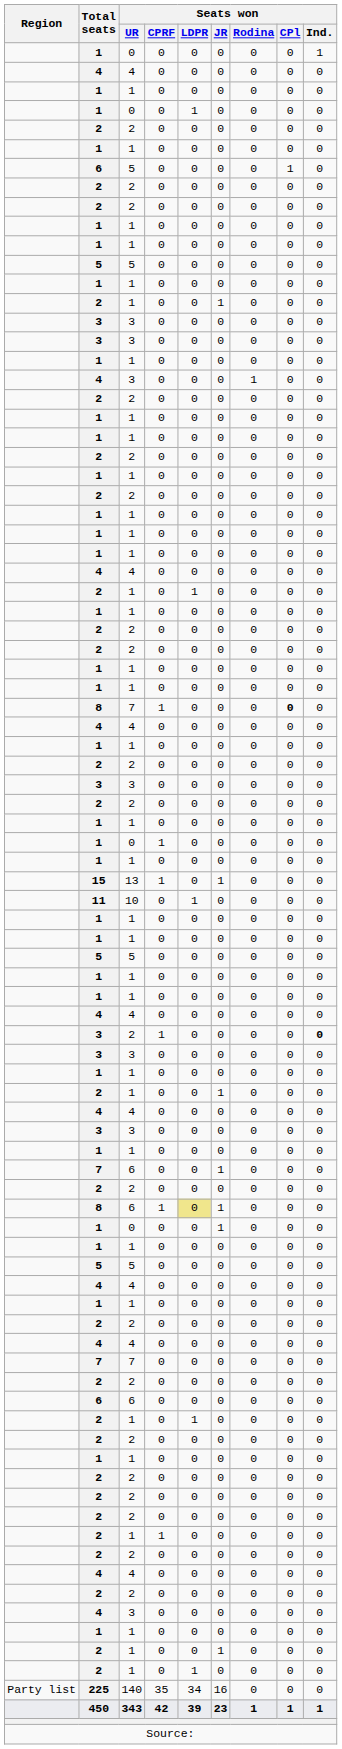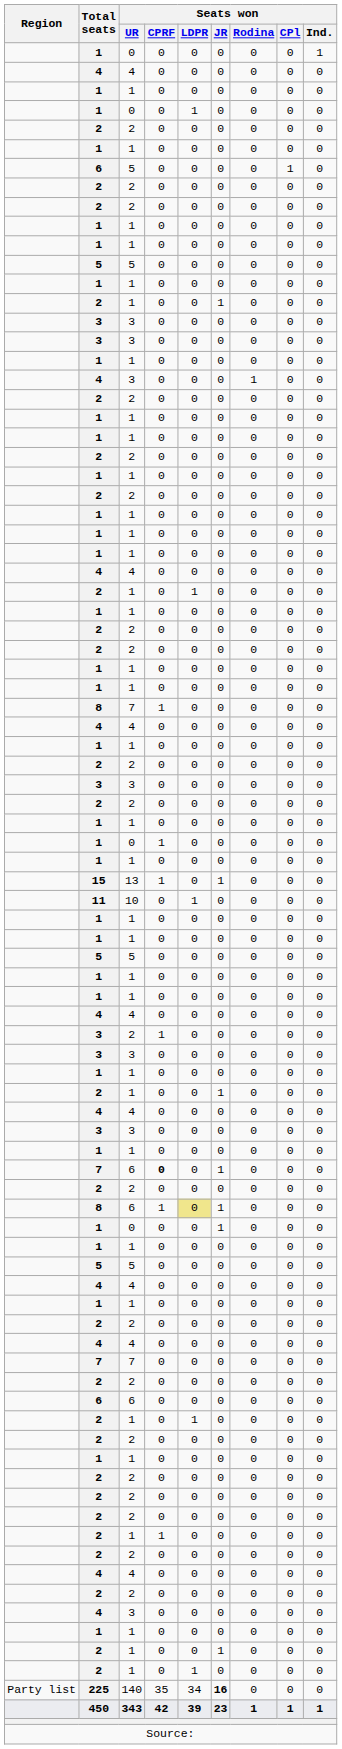 <table class="wikitable" style="text-align:center; font-size: 0.9em;">
 <tr>
 <th rowspan="2">Region</th>
 <th rowspan="2">Total<br>seats</th>
 <th colspan="7">Seats won</th>
 </tr>
 <tr>
 <th><a href='#'>UR</a></th>
 <th><a href='#'>CPRF</a></th>
 <th><a href='#'>LDPR</a></th>
 <th><a href='#'>JR</a></th>
 <th><a href='#'>Rodina</a></th>
 <th><a href='#'>CPl</a></th>
 <th>Ind.</th>
 </tr>
 <tr align="center">
 <td align="left"></td>
 <th>1</th>
 <td>0</td>
 <td>0</td>
 <td>0</td>
 <td>0</td>
 <td>0</td>
 <td>0</td>
 <td>1</td>
 </tr>
 <tr align="center">
 <td align="left"></td>
 <th>4</th>
 <td>4</td>
 <td>0</td>
 <td>0</td>
 <td>0</td>
 <td>0</td>
 <td>0</td>
 <td>0</td>
 </tr>
 <tr align="center">
 <td align="left"></td>
 <th>1</th>
 <td>1</td>
 <td>0</td>
 <td>0</td>
 <td>0</td>
 <td>0</td>
 <td>0</td>
 <td>0</td>
 </tr>
 <tr align="center">
 <td align="left"></td>
 <th>1</th>
 <td>0</td>
 <td>0</td>
 <td>1</td>
 <td>0</td>
 <td>0</td>
 <td>0</td>
 <td>0</td>
 </tr>
 <tr align="center">
 <td align="left"></td>
 <th>2</th>
 <td>2</td>
 <td>0</td>
 <td>0</td>
 <td>0</td>
 <td>0</td>
 <td>0</td>
 <td>0</td>
 </tr>
 <tr align="center">
 <td align="left"></td>
 <th>1</th>
 <td>1</td>
 <td>0</td>
 <td>0</td>
 <td>0</td>
 <td>0</td>
 <td>0</td>
 <td>0</td>
 </tr>
 <tr align="center">
 <td align="left"></td>
 <th>6</th>
 <td>5</td>
 <td>0</td>
 <td>0</td>
 <td>0</td>
 <td>0</td>
 <td>1</td>
 <td>0</td>
 </tr>
 <tr align="center">
 <td align="left"></td>
 <th>2</th>
 <td>2</td>
 <td>0</td>
 <td>0</td>
 <td>0</td>
 <td>0</td>
 <td>0</td>
 <td>0</td>
 </tr>
 <tr align="center">
 <td align="left"></td>
 <th>2</th>
 <td>2</td>
 <td>0</td>
 <td>0</td>
 <td>0</td>
 <td>0</td>
 <td>0</td>
 <td>0</td>
 </tr>
 <tr align="center">
 <td align="left"></td>
 <th>1</th>
 <td>1</td>
 <td>0</td>
 <td>0</td>
 <td>0</td>
 <td>0</td>
 <td>0</td>
 <td>0</td>
 </tr>
 <tr align="center">
 <td align="left"></td>
 <th>1</th>
 <td>1</td>
 <td>0</td>
 <td>0</td>
 <td>0</td>
 <td>0</td>
 <td>0</td>
 <td>0</td>
 </tr>
 <tr align="center">
 <td align="left"></td>
 <th>5</th>
 <td>5</td>
 <td>0</td>
 <td>0</td>
 <td>0</td>
 <td>0</td>
 <td>0</td>
 <td>0</td>
 </tr>
 <tr align="center">
 <td align="left"></td>
 <th>1</th>
 <td>1</td>
 <td>0</td>
 <td>0</td>
 <td>0</td>
 <td>0</td>
 <td>0</td>
 <td>0</td>
 </tr>
 <tr align="center">
 <td align="left"></td>
 <th>2</th>
 <td>1</td>
 <td>0</td>
 <td>0</td>
 <td>1</td>
 <td>0</td>
 <td>0</td>
 <td>0</td>
 </tr>
 <tr align="center">
 <td align="left"></td>
 <th>3</th>
 <td>3</td>
 <td>0</td>
 <td>0</td>
 <td>0</td>
 <td>0</td>
 <td>0</td>
 <td>0</td>
 </tr>
 <tr align="center">
 <td align="left"></td>
 <th>3</th>
 <td>3</td>
 <td>0</td>
 <td>0</td>
 <td>0</td>
 <td>0</td>
 <td>0</td>
 <td>0</td>
 </tr>
 <tr align="center">
 <td align="left"></td>
 <th>1</th>
 <td>1</td>
 <td>0</td>
 <td>0</td>
 <td>0</td>
 <td>0</td>
 <td>0</td>
 <td>0</td>
 </tr>
 <tr align="center">
 <td align="left"></td>
 <th>4</th>
 <td>3</td>
 <td>0</td>
 <td>0</td>
 <td>0</td>
 <td>1</td>
 <td>0</td>
 <td>0</td>
 </tr>
 <tr align="center">
 <td align="left"></td>
 <th>2</th>
 <td>2</td>
 <td>0</td>
 <td>0</td>
 <td>0</td>
 <td>0</td>
 <td>0</td>
 <td>0</td>
 </tr>
 <tr align="center">
 <td align="left"></td>
 <th>1</th>
 <td>1</td>
 <td>0</td>
 <td>0</td>
 <td>0</td>
 <td>0</td>
 <td>0</td>
 <td>0</td>
 </tr>
 <tr align="center">
 <td align="left"></td>
 <th>1</th>
 <td>1</td>
 <td>0</td>
 <td>0</td>
 <td>0</td>
 <td>0</td>
 <td>0</td>
 <td>0</td>
 </tr>
 <tr align="center">
 <td align="left"></td>
 <th>2</th>
 <td>2</td>
 <td>0</td>
 <td>0</td>
 <td>0</td>
 <td>0</td>
 <td>0</td>
 <td>0</td>
 </tr>
 <tr align="center">
 <td align="left"></td>
 <th>1</th>
 <td>1</td>
 <td>0</td>
 <td>0</td>
 <td>0</td>
 <td>0</td>
 <td>0</td>
 <td>0</td>
 </tr>
 <tr align="center">
 <td align="left"></td>
 <th>2</th>
 <td>2</td>
 <td>0</td>
 <td>0</td>
 <td>0</td>
 <td>0</td>
 <td>0</td>
 <td>0</td>
 </tr>
 <tr align="center">
 <td align="left"></td>
 <th>1</th>
 <td>1</td>
 <td>0</td>
 <td>0</td>
 <td>0</td>
 <td>0</td>
 <td>0</td>
 <td>0</td>
 </tr>
 <tr align="center">
 <td align="left"></td>
 <th>1</th>
 <td>1</td>
 <td>0</td>
 <td>0</td>
 <td>0</td>
 <td>0</td>
 <td>0</td>
 <td>0</td>
 </tr>
 <tr align="center">
 <td align="left"></td>
 <th>1</th>
 <td>1</td>
 <td>0</td>
 <td>0</td>
 <td>0</td>
 <td>0</td>
 <td>0</td>
 <td>0</td>
 </tr>
 <tr align="center">
 <td align="left"></td>
 <th>4</th>
 <td>4</td>
 <td>0</td>
 <td>0</td>
 <td>0</td>
 <td>0</td>
 <td>0</td>
 <td>0</td>
 </tr>
 <tr align="center">
 <td align="left"></td>
 <th>2</th>
 <td>1</td>
 <td>0</td>
 <td>1</td>
 <td>0</td>
 <td>0</td>
 <td>0</td>
 <td>0</td>
 </tr>
 <tr align="center">
 <td align="left"></td>
 <th>1</th>
 <td>1</td>
 <td>0</td>
 <td>0</td>
 <td>0</td>
 <td>0</td>
 <td>0</td>
 <td>0</td>
 </tr>
 <tr align="center">
 <td align="left"></td>
 <th>2</th>
 <td>2</td>
 <td>0</td>
 <td>0</td>
 <td>0</td>
 <td>0</td>
 <td>0</td>
 <td>0</td>
 </tr>
 <tr align="center">
 <td align="left"></td>
 <th>2</th>
 <td>2</td>
 <td>0</td>
 <td>0</td>
 <td>0</td>
 <td>0</td>
 <td>0</td>
 <td>0</td>
 </tr>
 <tr align="center">
 <td align="left"></td>
 <th>1</th>
 <td>1</td>
 <td>0</td>
 <td>0</td>
 <td>0</td>
 <td>0</td>
 <td>0</td>
 <td>0</td>
 </tr>
 <tr align="center">
 <td align="left"></td>
 <th>1</th>
 <td>1</td>
 <td>0</td>
 <td>0</td>
 <td>0</td>
 <td>0</td>
 <td>0</td>
 <td>0</td>
 </tr>
 <tr align="center">
 <td align="left"></td>
 <th>8</th>
 <td>7</td>
 <td>1</td>
 <td>0</td>
 <td>0</td>
 <td>0</td>
-<td><strong>0</strong></td>
+<td>0</td>
 <td>0</td>
 </tr>
 <tr align="center">
 <td align="left"></td>
 <th>4</th>
 <td>4</td>
 <td>0</td>
 <td>0</td>
 <td>0</td>
 <td>0</td>
 <td>0</td>
 <td>0</td>
 </tr>
 <tr align="center">
 <td align="left"></td>
 <th>1</th>
 <td>1</td>
 <td>0</td>
 <td>0</td>
 <td>0</td>
 <td>0</td>
 <td>0</td>
 <td>0</td>
 </tr>
 <tr align="center">
 <td align="left"></td>
 <th>2</th>
 <td>2</td>
 <td>0</td>
 <td>0</td>
 <td>0</td>
 <td>0</td>
 <td>0</td>
 <td>0</td>
 </tr>
 <tr align="center">
 <td align="left"></td>
 <th>3</th>
 <td>3</td>
 <td>0</td>
 <td>0</td>
 <td>0</td>
 <td>0</td>
 <td>0</td>
 <td>0</td>
 </tr>
 <tr align="center">
 <td align="left"></td>
 <th>2</th>
 <td>2</td>
 <td>0</td>
 <td>0</td>
 <td>0</td>
 <td>0</td>
 <td>0</td>
 <td>0</td>
 </tr>
 <tr align="center">
 <td align="left"></td>
 <th>1</th>
 <td>1</td>
 <td>0</td>
 <td>0</td>
 <td>0</td>
 <td>0</td>
 <td>0</td>
 <td>0</td>
 </tr>
 <tr align="center">
 <td align="left"></td>
 <th>1</th>
 <td>0</td>
 <td>1</td>
 <td>0</td>
 <td>0</td>
 <td>0</td>
 <td>0</td>
 <td>0</td>
 </tr>
 <tr align="center">
 <td align="left"></td>
 <th>1</th>
 <td>1</td>
 <td>0</td>
 <td>0</td>
 <td>0</td>
 <td>0</td>
 <td>0</td>
 <td>0</td>
 </tr>
 <tr align="center">
 <td align="left"></td>
 <th>15</th>
 <td>13</td>
 <td>1</td>
 <td>0</td>
 <td>1</td>
 <td>0</td>
 <td>0</td>
 <td>0</td>
 </tr>
 <tr align="center">
 <td align="left"></td>
 <th>11</th>
 <td>10</td>
 <td>0</td>
 <td>1</td>
 <td>0</td>
 <td>0</td>
 <td>0</td>
 <td>0</td>
 </tr>
 <tr align="center">
 <td align="left"></td>
 <th>1</th>
 <td>1</td>
 <td>0</td>
 <td>0</td>
 <td>0</td>
 <td>0</td>
 <td>0</td>
 <td>0</td>
 </tr>
 <tr align="center">
 <td align="left"></td>
 <th>1</th>
 <td>1</td>
 <td>0</td>
 <td>0</td>
 <td>0</td>
 <td>0</td>
 <td>0</td>
 <td>0</td>
 </tr>
 <tr align="center">
 <td align="left"></td>
 <th>5</th>
 <td>5</td>
 <td>0</td>
 <td>0</td>
 <td>0</td>
 <td>0</td>
 <td>0</td>
 <td>0</td>
 </tr>
 <tr align="center">
 <td align="left"></td>
 <th>1</th>
 <td>1</td>
 <td>0</td>
 <td>0</td>
 <td>0</td>
 <td>0</td>
 <td>0</td>
 <td>0</td>
 </tr>
 <tr align="center">
 <td align="left"></td>
 <th>1</th>
 <td>1</td>
 <td>0</td>
 <td>0</td>
 <td>0</td>
 <td>0</td>
 <td>0</td>
 <td>0</td>
 </tr>
 <tr align="center">
 <td align="left"></td>
 <th>4</th>
 <td>4</td>
 <td>0</td>
 <td>0</td>
 <td>0</td>
 <td>0</td>
 <td>0</td>
 <td>0</td>
 </tr>
 <tr align="center">
 <td align="left"></td>
 <th>3</th>
 <td>2</td>
 <td>1</td>
 <td>0</td>
 <td>0</td>
 <td>0</td>
 <td>0</td>
-<td><strong>0</strong></td>
+<td>0</td>
 </tr>
 <tr align="center">
 <td align="left"></td>
 <th>3</th>
 <td>3</td>
 <td>0</td>
 <td>0</td>
 <td>0</td>
 <td>0</td>
 <td>0</td>
 <td>0</td>
 </tr>
 <tr align="center">
 <td align="left"></td>
 <th>1</th>
 <td>1</td>
 <td>0</td>
 <td>0</td>
 <td>0</td>
 <td>0</td>
 <td>0</td>
 <td>0</td>
 </tr>
 <tr align="center">
 <td align="left"></td>
 <th>2</th>
 <td>1</td>
 <td>0</td>
 <td>0</td>
 <td>1</td>
 <td>0</td>
 <td>0</td>
 <td>0</td>
 </tr>
 <tr align="center">
 <td align="left"></td>
 <th>4</th>
 <td>4</td>
 <td>0</td>
 <td>0</td>
 <td>0</td>
 <td>0</td>
 <td>0</td>
 <td>0</td>
 </tr>
 <tr align="center">
 <td align="left"></td>
 <th>3</th>
 <td>3</td>
 <td>0</td>
 <td>0</td>
 <td>0</td>
 <td>0</td>
 <td>0</td>
 <td>0</td>
 </tr>
 <tr align="center">
 <td align="left"></td>
 <th>1</th>
 <td>1</td>
 <td>0</td>
 <td>0</td>
 <td>0</td>
 <td>0</td>
 <td>0</td>
 <td>0</td>
 </tr>
 <tr align="center">
 <td align="left"></td>
 <th>7</th>
 <td>6</td>
-<td>0</td>
+<td><strong>0</strong></td>
 <td>0</td>
 <td>1</td>
 <td>0</td>
 <td>0</td>
 <td>0</td>
 </tr>
 <tr align="center">
 <td align="left"></td>
 <th>2</th>
 <td>2</td>
 <td>0</td>
 <td>0</td>
 <td>0</td>
 <td>0</td>
 <td>0</td>
 <td>0</td>
 </tr>
 <tr align="center">
 <td align="left"></td>
 <th>8</th>
 <td>6</td>
 <td>1</td>
 <td style="background: khaki;">0</td>
 <td>1</td>
 <td>0</td>
 <td>0</td>
 <td>0</td>
 </tr>
 <tr align="center">
 <td align="left"></td>
 <th>1</th>
 <td>0</td>
 <td>0</td>
 <td>0</td>
 <td>1</td>
 <td>0</td>
 <td>0</td>
 <td>0</td>
 </tr>
 <tr align="center">
 <td align="left"></td>
 <th>1</th>
 <td>1</td>
 <td>0</td>
 <td>0</td>
 <td>0</td>
 <td>0</td>
 <td>0</td>
 <td>0</td>
 </tr>
 <tr align="center">
 <td align="left"></td>
 <th>5</th>
 <td>5</td>
 <td>0</td>
 <td>0</td>
 <td>0</td>
 <td>0</td>
 <td>0</td>
 <td>0</td>
 </tr>
 <tr align="center">
 <td align="left"></td>
 <th>4</th>
 <td>4</td>
 <td>0</td>
 <td>0</td>
 <td>0</td>
 <td>0</td>
 <td>0</td>
 <td>0</td>
 </tr>
 <tr align="center">
 <td align="left"></td>
 <th>1</th>
 <td>1</td>
 <td>0</td>
 <td>0</td>
 <td>0</td>
 <td>0</td>
 <td>0</td>
 <td>0</td>
 </tr>
 <tr align="center">
 <td align="left"></td>
 <th>2</th>
 <td>2</td>
 <td>0</td>
 <td>0</td>
 <td>0</td>
 <td>0</td>
 <td>0</td>
 <td>0</td>
 </tr>
 <tr align="center">
 <td align="left"></td>
 <th>4</th>
 <td>4</td>
 <td>0</td>
 <td>0</td>
 <td>0</td>
 <td>0</td>
 <td>0</td>
 <td>0</td>
 </tr>
 <tr align="center">
 <td align="left"></td>
 <th>7</th>
 <td>7</td>
 <td>0</td>
 <td>0</td>
 <td>0</td>
 <td>0</td>
 <td>0</td>
 <td>0</td>
 </tr>
 <tr align="center">
 <td align="left"></td>
 <th>2</th>
 <td>2</td>
 <td>0</td>
 <td>0</td>
 <td>0</td>
 <td>0</td>
 <td>0</td>
 <td>0</td>
 </tr>
 <tr align="center">
 <td align="left"></td>
 <th>6</th>
 <td>6</td>
 <td>0</td>
 <td>0</td>
 <td>0</td>
 <td>0</td>
 <td>0</td>
 <td>0</td>
 </tr>
 <tr align="center">
 <td align="left"></td>
 <th>2</th>
 <td>1</td>
 <td>0</td>
 <td>1</td>
 <td>0</td>
 <td>0</td>
 <td>0</td>
 <td>0</td>
 </tr>
 <tr align="center">
 <td align="left"></td>
 <th>2</th>
 <td>2</td>
 <td>0</td>
 <td>0</td>
 <td>0</td>
 <td>0</td>
 <td>0</td>
 <td>0</td>
 </tr>
 <tr align="center">
 <td align="left"></td>
 <th>1</th>
 <td>1</td>
 <td>0</td>
 <td>0</td>
 <td>0</td>
 <td>0</td>
 <td>0</td>
 <td>0</td>
 </tr>
 <tr align="center">
 <td align="left"></td>
 <th>2</th>
 <td>2</td>
 <td>0</td>
 <td>0</td>
 <td>0</td>
 <td>0</td>
 <td>0</td>
 <td>0</td>
 </tr>
 <tr align="center">
 <td align="left"></td>
 <th>2</th>
 <td>2</td>
 <td>0</td>
 <td>0</td>
 <td>0</td>
 <td>0</td>
 <td>0</td>
 <td>0</td>
 </tr>
 <tr align="center">
 <td align="left"></td>
 <th>2</th>
 <td>2</td>
 <td>0</td>
 <td>0</td>
 <td>0</td>
 <td>0</td>
 <td>0</td>
 <td>0</td>
 </tr>
 <tr align="center">
 <td align="left"></td>
 <th>2</th>
 <td>1</td>
 <td>1</td>
 <td>0</td>
 <td>0</td>
 <td>0</td>
 <td>0</td>
 <td>0</td>
 </tr>
 <tr align="center">
 <td align="left"></td>
 <th>2</th>
 <td>2</td>
 <td>0</td>
 <td>0</td>
 <td>0</td>
 <td>0</td>
 <td>0</td>
 <td>0</td>
 </tr>
 <tr align="center">
 <td align="left"></td>
 <th>4</th>
 <td>4</td>
 <td>0</td>
 <td>0</td>
 <td>0</td>
 <td>0</td>
 <td>0</td>
 <td>0</td>
 </tr>
 <tr align="center">
 <td align="left"></td>
 <th>2</th>
 <td>2</td>
 <td>0</td>
 <td>0</td>
 <td>0</td>
 <td>0</td>
 <td>0</td>
 <td>0</td>
 </tr>
 <tr align="center">
 <td align="left"></td>
 <th>4</th>
 <td>3</td>
 <td>0</td>
 <td>0</td>
 <td>0</td>
 <td>0</td>
 <td>0</td>
 <td>0</td>
 </tr>
 <tr align="center">
 <td align="left"></td>
 <th>1</th>
 <td>1</td>
 <td>0</td>
 <td>0</td>
 <td>0</td>
 <td>0</td>
 <td>0</td>
 <td>0</td>
 </tr>
 <tr align="center">
 <td align="left"></td>
 <th>2</th>
 <td>1</td>
 <td>0</td>
 <td>0</td>
 <td>1</td>
 <td>0</td>
 <td>0</td>
 <td>0</td>
 </tr>
 <tr align="center">
 <td align="left"></td>
 <th>2</th>
 <td>1</td>
 <td>0</td>
 <td>1</td>
 <td>0</td>
 <td>0</td>
 <td>0</td>
 <td>0</td>
 </tr>
 <tr>
 <td align="left">Party list</td>
 <th>225</th>
 <td>140</td>
 <td>35</td>
 <td>34</td>
-<td>16</td>
+<td><strong>16</strong></td>
 <td>0</td>
 <td>0</td>
 <td>0</td>
 </tr>
 <tr class="sortbottom" bgcolor="#EBECF0" align="center">
 <td bgcolor="#EBECF0" align="left"><strong></strong></td>
 <td><strong>450</strong></td>
 <td><strong>343</strong></td>
 <td><strong>42</strong></td>
 <td><strong>39</strong></td>
 <td><strong>23</strong></td>
 <td><strong>1</strong></td>
 <td><strong>1</strong></td>
 <td><strong>1</strong></td>
 </tr>
 <tr>
 <th colspan="9"></th>
 </tr>
 <tr>
 <td colspan="9">Source:  </td>
 </tr>
 </table>
